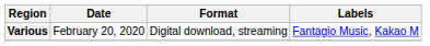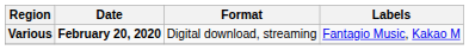 <table class="wikitable plainrowheaders">
 <tr>
 <th>Region</th>
 <th>Date</th>
 <th>Format</th>
 <th>Labels</th>
 </tr>
 <tr>
 <th scope="row">Various</th>
-<td>February 20, 2020</td>
+<td><strong>February 20, 2020</strong></td>
 <td>Digital download, streaming</td>
 <td><a href='#'>Fantagio Music</a>, <a href='#'>Kakao M</a></td>
 </tr>
 <tr>
 </tr>
 </table>
